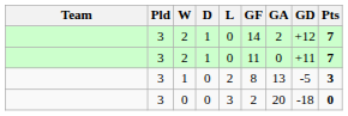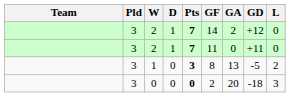 <table class="wikitable" style="text-align: center;">
 <tr>
 <th width=165>Team</th>
 <th width=20>Pld</th>
 <th width=20>W</th>
 <th width=20>D</th>
-<th width=20>L</th>
+<th width=20>Pts</th>
 <th width=20>GF</th>
 <th width=20>GA</th>
 <th width=20>GD</th>
-<th width=20>Pts</th>
+<th width=20>L</th>
 </tr>
 <tr bgcolor=ccffcc>
 <td align="left"></td>
 <td>3</td>
 <td>2</td>
 <td>1</td>
-<td>0</td>
+<td><strong>7</strong></td>
 <td>14</td>
 <td>2</td>
 <td>+12</td>
-<td><strong>7</strong></td>
+<td>0</td>
 </tr>
 <tr bgcolor=ccffcc>
 <td align="left"></td>
 <td>3</td>
 <td>2</td>
 <td>1</td>
-<td>0</td>
+<td><strong>7</strong></td>
 <td>11</td>
 <td>0</td>
 <td>+11</td>
-<td><strong>7</strong></td>
+<td>0</td>
 </tr>
 <tr>
 <td align="left"></td>
 <td>3</td>
 <td>1</td>
 <td>0</td>
-<td>2</td>
+<td><strong>3</strong></td>
 <td>8</td>
 <td>13</td>
 <td>-5</td>
-<td><strong>3</strong></td>
+<td>2</td>
 </tr>
 <tr>
 <td align="left"></td>
 <td>3</td>
 <td>0</td>
 <td>0</td>
-<td>3</td>
+<td><strong>0</strong></td>
 <td>2</td>
 <td>20</td>
 <td>-18</td>
-<td><strong>0</strong></td>
+<td>3</td>
 </tr>
 </table>
